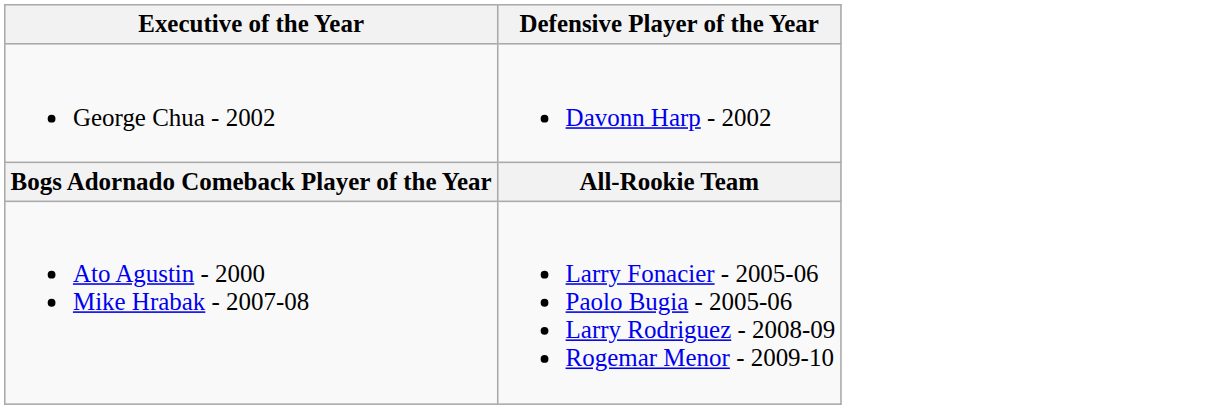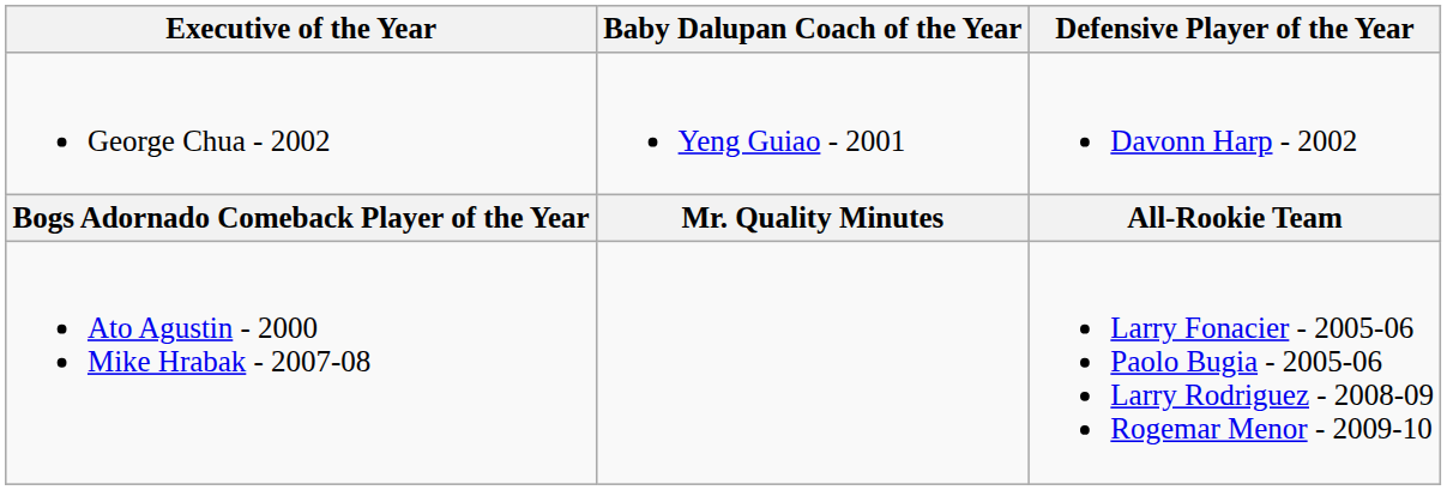 <table class=wikitable>
 <tr>
 <th>Executive of the Year</th>
+<th>Baby Dalupan Coach of the Year</th>
 <th>Defensive Player of the Year</th>
 </tr>
 <tr>
 <td valign="top"><br><ul><li>George Chua - 2002</li></ul></td>
+<td valign="top"><br><ul><li><a href='#'>Yeng Guiao</a> - 2001</li></ul></td>
 <td valign="top"><br><ul><li><a href='#'>Davonn Harp</a> - 2002</li></ul></td>
 </tr>
 <tr>
 <th>Bogs Adornado Comeback Player of the Year</th>
+<th>Mr. Quality Minutes</th>
 <th>All-Rookie Team</th>
 </tr>
 <tr>
 <td valign="top"><br><ul><li><a href='#'>Ato Agustin</a> - 2000</li><li><a href='#'>Mike Hrabak</a> - 2007-08</li></ul></td>
+<td valign="top"></td>
 <td valign="top"><br><ul><li><a href='#'>Larry Fonacier</a> - 2005-06</li><li><a href='#'>Paolo Bugia</a> - 2005-06</li><li><a href='#'>Larry Rodriguez</a> - 2008-09</li><li><a href='#'>Rogemar Menor</a> - 2009-10</li></ul></td>
 </tr>
 </table>
